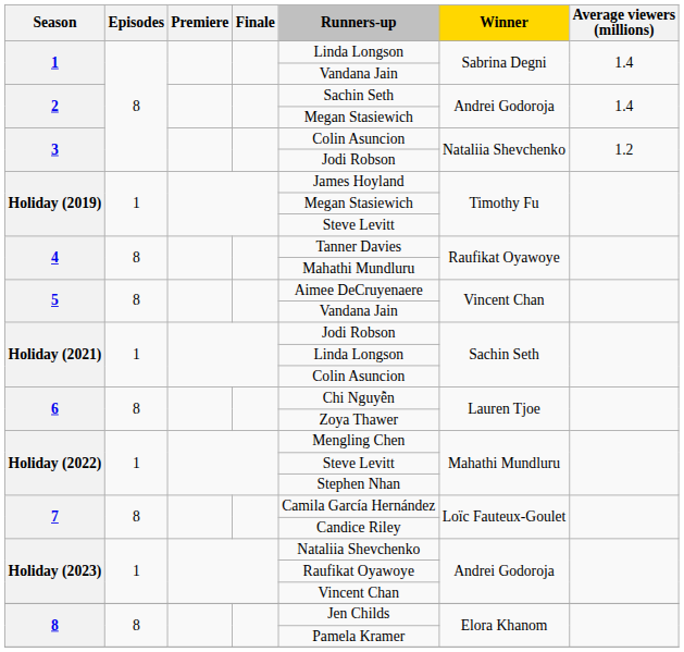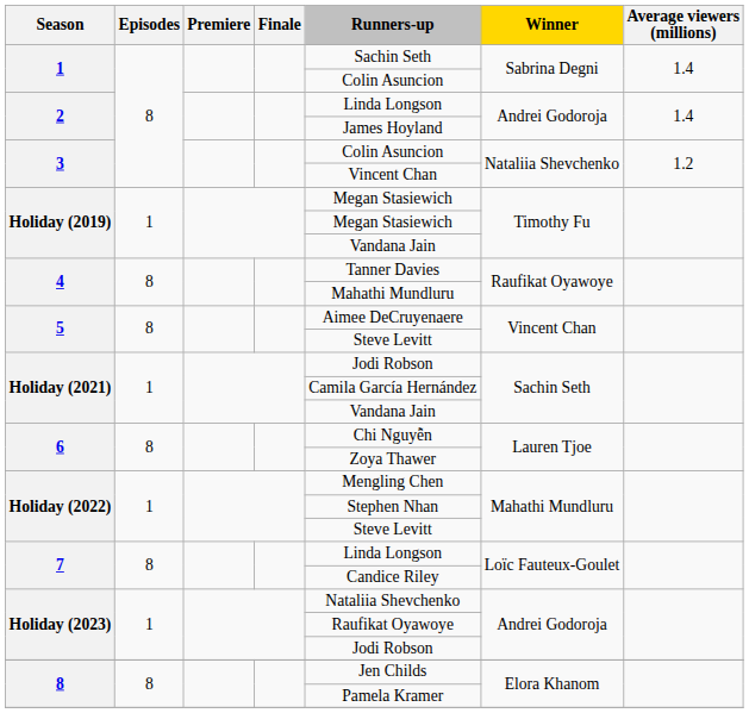 <table class=wikitable  style=text-align:center;line-height:16px>
 <tr>
 <th scope=col>Season</th>
 <th scope=col>Episodes</th>
 <th scope=col>Premiere</th>
 <th scope=col>Finale</th>
 <th style=background:silver>Runners-up</th>
 <th style=background:gold>Winner</th>
 <th scope=col>Average viewers<br>(millions)</th>
 </tr>
 <tr>
 <th scope=row rowspan=2><a href='#'>1</a></th>
 <td rowspan=6>8</td>
 <td rowspan=2></td>
 <td rowspan=2></td>
-<td rowspan=1>Linda Longson</td>
+<td rowspan=1>Sachin Seth</td>
 <td rowspan=2>Sabrina Degni</td>
 <td rowspan=2>1.4</td>
 </tr>
 <tr>
-<td>Vandana Jain</td>
+<td>Colin Asuncion</td>
 </tr>
 <tr>
 <th rowspan=2 scope=row><a href='#'>2</a></th>
 <td rowspan=2></td>
 <td rowspan=2></td>
-<td rowspan=1>Sachin Seth</td>
+<td rowspan=1>Linda Longson</td>
 <td rowspan=2>Andrei Godoroja</td>
 <td rowspan=2>1.4</td>
 </tr>
 <tr>
-<td>Megan Stasiewich</td>
+<td>James Hoyland</td>
 </tr>
 <tr>
 <th scope=row rowspan=2><a href='#'>3</a></th>
 <td rowspan=2></td>
 <td rowspan=2></td>
 <td rowspan=1>Colin Asuncion</td>
 <td rowspan=2>Nataliia Shevchenko</td>
 <td rowspan=2>1.2</td>
 </tr>
 <tr>
-<td>Jodi Robson</td>
+<td>Vincent Chan</td>
 </tr>
 <tr>
 <th scope=row rowspan=3>Holiday (2019)</th>
 <td rowspan=3>1</td>
 <td rowspan=3 colspan=2></td>
-<td>James Hoyland</td>
+<td>Megan Stasiewich</td>
 <td rowspan=3>Timothy Fu</td>
 <td rowspan=3></td>
 </tr>
 <tr>
 <td>Megan Stasiewich</td>
 </tr>
 <tr>
-<td>Steve Levitt</td>
+<td>Vandana Jain</td>
 </tr>
 <tr>
 <th scope=row rowspan=2><a href='#'>4</a></th>
 <td rowspan=2>8</td>
 <td rowspan=2></td>
 <td rowspan=2></td>
 <td rowspan=1>Tanner Davies</td>
 <td rowspan=2>Raufikat Oyawoye</td>
 <td rowspan=2></td>
 </tr>
 <tr>
 <td>Mahathi Mundluru</td>
 </tr>
 <tr>
 <th scope=row rowspan=2><a href='#'>5</a></th>
 <td rowspan=2>8</td>
 <td rowspan=2></td>
 <td rowspan=2></td>
 <td>Aimee DeCruyenaere</td>
 <td rowspan=2>Vincent Chan</td>
 <td rowspan=2></td>
 </tr>
 <tr>
-<td>Vandana Jain</td>
+<td>Steve Levitt</td>
 </tr>
 <tr>
 <th scope=row rowspan=3>Holiday (2021)</th>
 <td rowspan=3>1</td>
 <td rowspan=3 colspan=2></td>
 <td>Jodi Robson</td>
 <td rowspan=3>Sachin Seth</td>
 <td rowspan=3></td>
 </tr>
 <tr>
-<td>Linda Longson</td>
+<td>Camila García Hernández</td>
 </tr>
 <tr>
-<td>Colin Asuncion</td>
+<td>Vandana Jain</td>
 </tr>
 <tr>
 <th scope=row rowspan=2><a href='#'>6</a></th>
 <td rowspan=2>8</td>
 <td rowspan=2></td>
 <td rowspan=2></td>
 <td>Chi Nguyễn</td>
 <td rowspan=2>Lauren Tjoe</td>
 <td rowspan=2></td>
 </tr>
 <tr>
 <td>Zoya Thawer</td>
 </tr>
 <tr>
 <th scope=row rowspan=3>Holiday (2022)</th>
 <td rowspan=3>1</td>
 <td rowspan=3 colspan=2></td>
 <td>Mengling Chen</td>
 <td rowspan=3>Mahathi Mundluru</td>
 <td rowspan=3></td>
 </tr>
 <tr>
-<td>Steve Levitt</td>
+<td>Stephen Nhan</td>
 </tr>
 <tr>
-<td>Stephen Nhan</td>
+<td>Steve Levitt</td>
 </tr>
 <tr>
 <th scope=row rowspan=2><a href='#'>7</a></th>
 <td rowspan=2>8</td>
 <td rowspan=2></td>
 <td rowspan=2></td>
-<td>Camila García Hernández</td>
+<td>Linda Longson</td>
 <td rowspan=2>Loïc Fauteux-Goulet</td>
 <td rowspan=2></td>
 </tr>
 <tr>
 <td>Candice Riley</td>
 </tr>
 <tr>
 <th scope=row rowspan=3>Holiday (2023)</th>
 <td rowspan=3>1</td>
 <td rowspan=3 colspan=2></td>
 <td>Nataliia Shevchenko</td>
 <td rowspan=3>Andrei Godoroja</td>
 <td rowspan=3></td>
 </tr>
 <tr>
 <td>Raufikat Oyawoye</td>
 </tr>
 <tr>
-<td>Vincent Chan</td>
+<td>Jodi Robson</td>
 </tr>
 <tr>
 </tr>
 <tr>
 <th scope=row rowspan=2><a href='#'>8</a></th>
 <td rowspan=2>8</td>
 <td rowspan=2></td>
 <td rowspan=2></td>
 <td>Jen Childs</td>
 <td rowspan=2>Elora Khanom</td>
 <td rowspan=2></td>
 </tr>
 <tr>
 <td>Pamela Kramer</td>
 </tr>
 <tr>
 </tr>
 </table>
